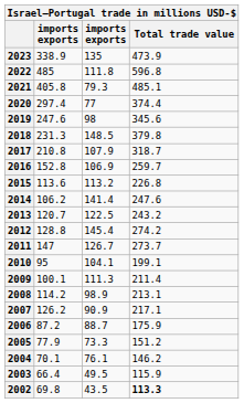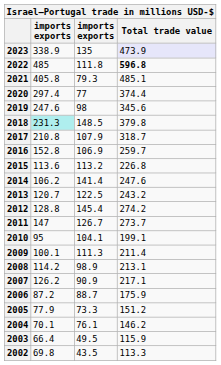 <table class="wikitable">
 <tr>
 <th colspan="4">Israel–Portugal trade in millions USD-$</th>
 </tr>
 <tr>
 <th></th>
 <th> imports<br> exports</th>
 <th> imports<br> exports</th>
 <th>Total trade value</th>
 </tr>
 <tr>
 <th>2023</th>
 <td>338.9</td>
 <td>135</td>
-<td>473.9</td>
+<td style="background: lavender;">473.9</td>
 </tr>
 <tr>
 <th>2022</th>
 <td>485</td>
 <td>111.8</td>
-<td>596.8</td>
+<td><strong>596.8</strong></td>
 </tr>
 <tr>
 <th>2021</th>
 <td>405.8</td>
 <td>79.3</td>
 <td>485.1</td>
 </tr>
 <tr>
 <th>2020</th>
 <td>297.4</td>
 <td>77</td>
 <td>374.4</td>
 </tr>
 <tr>
 <th>2019</th>
 <td>247.6</td>
 <td>98</td>
 <td>345.6</td>
 </tr>
 <tr>
 <th>2018</th>
-<td>231.3</td>
+<td style="background: paleturquoise;">231.3</td>
 <td>148.5</td>
 <td>379.8</td>
 </tr>
 <tr>
 <th>2017</th>
 <td>210.8</td>
 <td>107.9</td>
 <td>318.7</td>
 </tr>
 <tr>
 <th>2016</th>
 <td>152.8</td>
 <td>106.9</td>
 <td>259.7</td>
 </tr>
 <tr>
 <th>2015</th>
 <td>113.6</td>
 <td>113.2</td>
 <td>226.8</td>
 </tr>
 <tr>
 <th>2014</th>
 <td>106.2</td>
 <td>141.4</td>
 <td>247.6</td>
 </tr>
 <tr>
 <th>2013</th>
 <td>120.7</td>
 <td>122.5</td>
 <td>243.2</td>
 </tr>
 <tr>
 <th>2012</th>
 <td>128.8</td>
 <td>145.4</td>
 <td>274.2</td>
 </tr>
 <tr>
 <th>2011</th>
 <td>147</td>
 <td>126.7</td>
 <td>273.7</td>
 </tr>
 <tr>
 <th>2010</th>
 <td>95</td>
 <td>104.1</td>
 <td>199.1</td>
 </tr>
 <tr>
 <th>2009</th>
 <td>100.1</td>
 <td>111.3</td>
 <td>211.4</td>
 </tr>
 <tr>
 <th>2008</th>
 <td>114.2</td>
 <td>98.9</td>
 <td>213.1</td>
 </tr>
 <tr>
 <th>2007</th>
 <td>126.2</td>
 <td>90.9</td>
 <td>217.1</td>
 </tr>
 <tr>
 <th>2006</th>
 <td>87.2</td>
 <td>88.7</td>
 <td>175.9</td>
 </tr>
 <tr>
 <th>2005</th>
 <td>77.9</td>
 <td>73.3</td>
 <td>151.2</td>
 </tr>
 <tr>
 <th>2004</th>
 <td>70.1</td>
 <td>76.1</td>
 <td>146.2</td>
 </tr>
 <tr>
 <th>2003</th>
 <td>66.4</td>
 <td>49.5</td>
 <td>115.9</td>
 </tr>
 <tr>
 <th>2002</th>
 <td>69.8</td>
 <td>43.5</td>
-<td><strong>113.3</strong></td>
+<td>113.3</td>
 </tr>
 </table>
